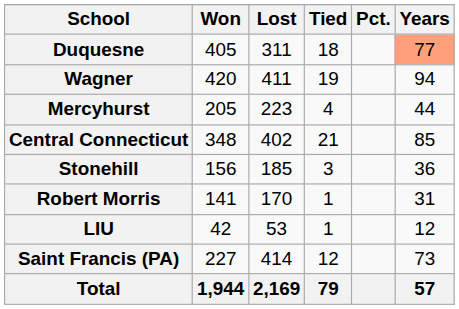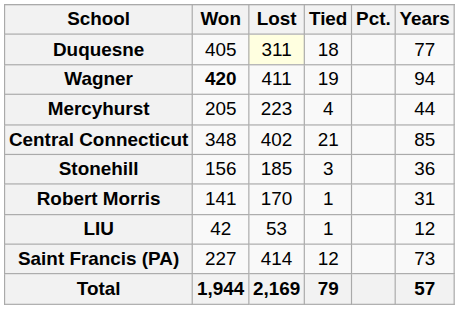 <table class="wikitable sortable plainrowheaders" style="text-align: center;">
 <tr>
 </tr>
 <tr>
 <th scope="col">School</th>
 <th scope="col">Won</th>
 <th scope="col">Lost</th>
 <th scope="col">Tied</th>
 <th scope="col">Pct.</th>
 <th scope="col">Years</th>
 </tr>
 <tr>
 <th scope="row">Duquesne</th>
 <td>405</td>
-<td>311</td>
+<td style="background: lightyellow;">311</td>
 <td>18</td>
 <td></td>
-<td style="background: lightsalmon;">77</td>
+<td>77</td>
 </tr>
 <tr>
 <th scope="row">Wagner</th>
-<td>420</td>
+<td><strong>420</strong></td>
 <td>411</td>
 <td>19</td>
 <td></td>
 <td>94</td>
 </tr>
 <tr>
 <th scope="row">Mercyhurst</th>
 <td>205</td>
 <td>223</td>
 <td>4</td>
 <td></td>
 <td>44</td>
 </tr>
 <tr>
 <th scope="row">Central Connecticut</th>
 <td>348</td>
 <td>402</td>
 <td>21</td>
 <td></td>
 <td>85</td>
 </tr>
 <tr>
 <th scope="row">Stonehill</th>
 <td>156</td>
 <td>185</td>
 <td>3</td>
 <td></td>
 <td>36</td>
 </tr>
 <tr>
 <th scope="row">Robert Morris</th>
 <td>141</td>
 <td>170</td>
 <td>1</td>
 <td></td>
 <td>31</td>
 </tr>
 <tr>
 <th scope="row">LIU</th>
 <td>42</td>
 <td>53</td>
 <td>1</td>
 <td></td>
 <td>12</td>
 </tr>
 <tr>
 <th scope="row">Saint Francis (PA)</th>
 <td>227</td>
 <td>414</td>
 <td>12</td>
 <td></td>
 <td>73</td>
 </tr>
 <tr>
 <th scope="row" style="font-weight: bold;">Total</th>
 <th scope="col">1,944</th>
 <th scope="col">2,169</th>
 <th scope="col">79</th>
 <th scope="col"></th>
 <th scope="col">57</th>
 </tr>
 </table>
